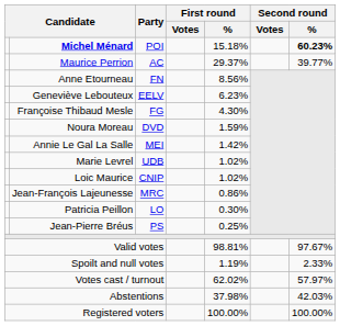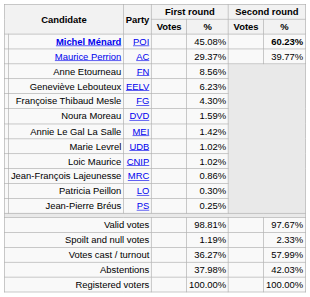 <table class="wikitable" style="text-align:right;font-size:95%;">
 <tr>
 <th rowspan=2 colspan=2>Candidate</th>
 <th rowspan=2 colspan=1>Party</th>
 <th colspan=2>First round</th>
 <th colspan=2>Second round</th>
 </tr>
 <tr>
 <th style="width:50px;">Votes</th>
 <th style="width:55px;">%</th>
 <th style="width:50px;">Votes</th>
 <th style="width:55px;">%</th>
 </tr>
 <tr>
 <td style="color:inherit;background-color:"></td>
 <td><strong><a href='#'>Michel Ménard</a></strong></td>
 <td><a href='#'>POI</a></td>
 <td></td>
-<td>15.18%</td>
+<td>45.08%</td>
 <td><strong></strong></td>
 <td><strong>60.23%</strong></td>
 </tr>
 <tr>
 <td style="color:inherit;background-color:"></td>
 <td><a href='#'>Maurice Perrion</a></td>
 <td><a href='#'>AC</a></td>
 <td></td>
 <td>29.37%</td>
 <td></td>
 <td>39.77%</td>
 </tr>
 <tr>
 <td style="color:inherit;background-color:"></td>
 <td>Anne Etourneau</td>
 <td><a href='#'>FN</a></td>
 <td></td>
 <td>8.56%</td>
 <td colspan=7 rowspan=10 style="background-color:#E9E9E9;"></td>
 </tr>
 <tr>
 <td style="color:inherit;background-color:"></td>
 <td>Geneviève Lebouteux</td>
 <td><a href='#'>EELV</a></td>
 <td></td>
 <td>6.23%</td>
 </tr>
 <tr>
 <td style="color:inherit;background-color:"></td>
 <td>Françoise Thibaud Mesle</td>
 <td><a href='#'>FG</a></td>
 <td></td>
 <td>4.30%</td>
 </tr>
 <tr>
 <td style="color:inherit;background-color:"></td>
 <td>Noura Moreau</td>
 <td><a href='#'>DVD</a></td>
 <td></td>
 <td>1.59%</td>
 </tr>
 <tr>
 <td style="color:inherit;background-color:"></td>
 <td>Annie Le Gal La Salle</td>
 <td><a href='#'>MEI</a></td>
 <td></td>
 <td>1.42%</td>
 </tr>
 <tr>
 <td style="color:inherit;background-color:"></td>
 <td>Marie Levrel</td>
 <td><a href='#'>UDB</a></td>
 <td></td>
 <td>1.02%</td>
 </tr>
 <tr>
 <td style="color:inherit;background-color:"></td>
 <td>Loic Maurice</td>
 <td><a href='#'>CNIP</a></td>
 <td></td>
 <td>1.02%</td>
 </tr>
 <tr>
 <td style="color:inherit;background-color:"></td>
 <td>Jean-François Lajeunesse</td>
 <td><a href='#'>MRC</a></td>
 <td></td>
 <td>0.86%</td>
 </tr>
 <tr>
 <td style="color:inherit;background-color:"></td>
 <td>Patricia Peillon</td>
 <td><a href='#'>LO</a></td>
 <td></td>
 <td>0.30%</td>
 </tr>
 <tr>
 <td style="color:inherit;background-color:"></td>
 <td>Jean-Pierre Bréus</td>
 <td><a href='#'>PS</a></td>
 <td></td>
 <td>0.25%</td>
 </tr>
 <tr>
 <td colspan=7 style="background-color:#E9E9E9;"></td>
 </tr>
 <tr>
 <td colspan=3>Valid votes</td>
 <td></td>
 <td>98.81%</td>
 <td></td>
 <td>97.67%</td>
 </tr>
 <tr>
 <td colspan=3>Spoilt and null votes</td>
 <td></td>
 <td>1.19%</td>
 <td></td>
 <td>2.33%</td>
 </tr>
 <tr>
 <td colspan=3>Votes cast / turnout</td>
 <td></td>
-<td>62.02%</td>
+<td>36.27%</td>
 <td></td>
-<td>57.97%</td>
+<td>57.99%</td>
 </tr>
 <tr>
 <td colspan=3>Abstentions</td>
 <td></td>
 <td>37.98%</td>
 <td></td>
 <td>42.03%</td>
 </tr>
 <tr>
 <td colspan=3>Registered voters</td>
 <td></td>
 <td>100.00%</td>
 <td></td>
 <td>100.00%</td>
 </tr>
 </table>
